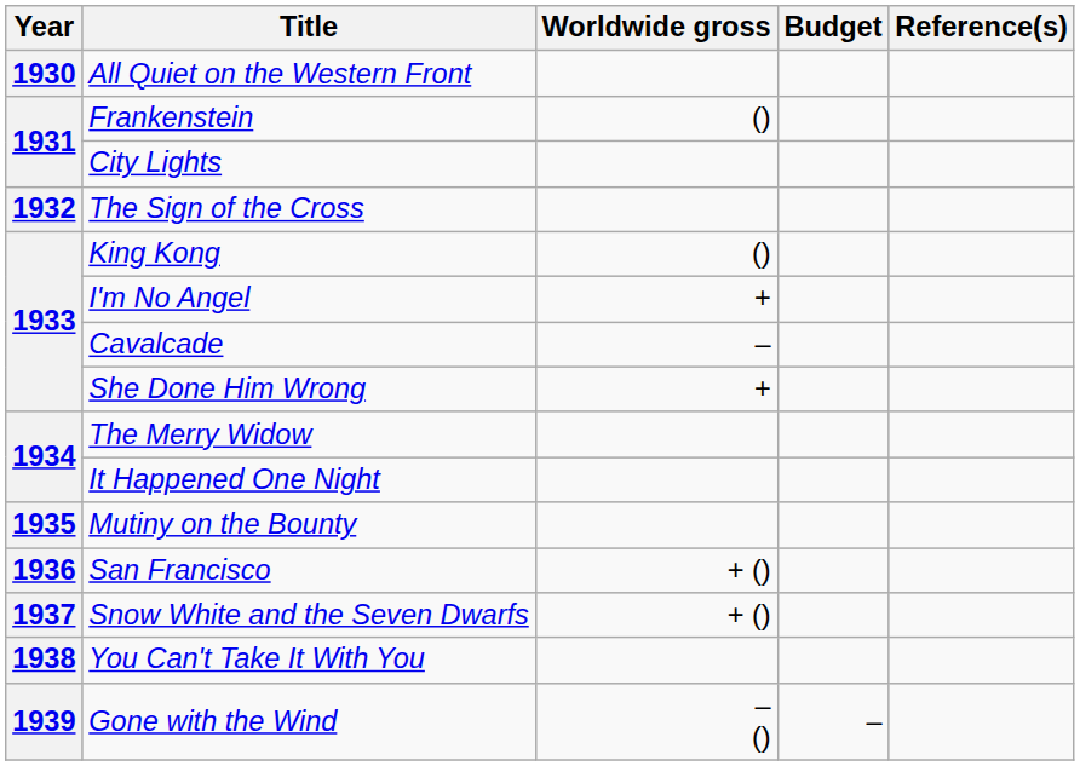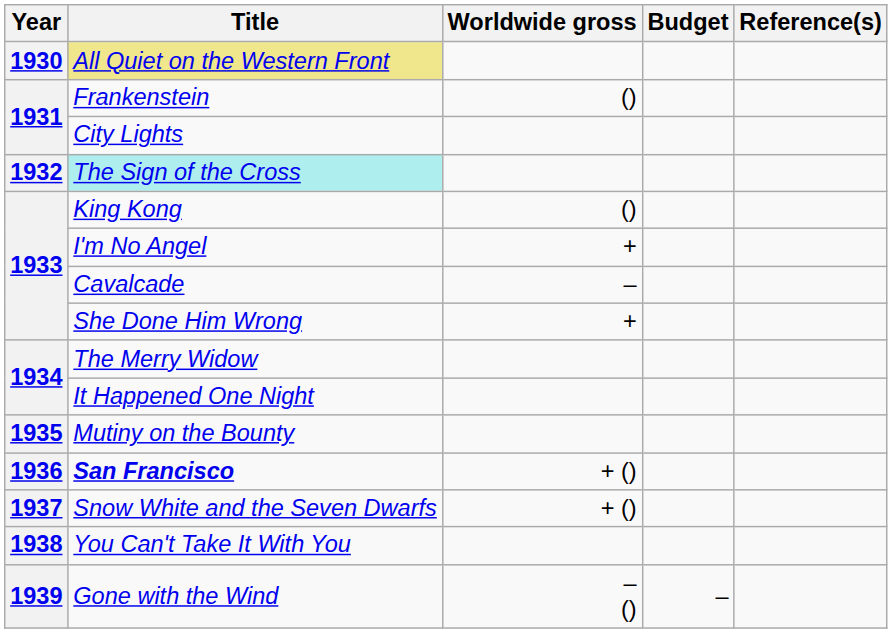 <table class="wikitable plainrowheaders">
 <tr>
 <th scope="col">Year</th>
 <th scope="col">Title</th>
 <th scope="col">Worldwide gross</th>
 <th scope="col">Budget</th>
 <th scope="col">Reference(s)</th>
 </tr>
 <tr>
 <th scope="row"><a href='#'>1930</a></th>
-<td><em><a href='#'>All Quiet on the Western Front</a></em></td>
+<td style="background: khaki;"><em><a href='#'>All Quiet on the Western Front</a></em></td>
 <td align="right"></td>
 <td align="right"></td>
 <td></td>
 </tr>
 <tr>
 <th rowspan="2" scope="row"><a href='#'>1931</a></th>
 <td><em><a href='#'>Frankenstein</a></em></td>
 <td align="right"> ()</td>
 <td align="right"></td>
 <td></td>
 </tr>
 <tr>
 <td><em><a href='#'>City Lights</a></em></td>
 <td align="right"></td>
 <td align="right"></td>
 <td></td>
 </tr>
 <tr>
 <th scope="row"><a href='#'>1932</a></th>
-<td><em><a href='#'>The Sign of the Cross</a></em></td>
+<td style="background: paleturquoise;"><em><a href='#'>The Sign of the Cross</a></em></td>
 <td align="right"></td>
 <td align="right"></td>
 <td></td>
 </tr>
 <tr>
 <th rowspan="4" scope="row"><a href='#'>1933</a></th>
 <td><em><a href='#'>King Kong</a></em></td>
 <td align="right"> ()</td>
 <td align="right"></td>
 <td></td>
 </tr>
 <tr>
 <td><em><a href='#'>I'm No Angel</a></em></td>
 <td align="right">+</td>
 <td align="right"></td>
 <td></td>
 </tr>
 <tr>
 <td><em><a href='#'>Cavalcade</a></em></td>
 <td align="right">–</td>
 <td align="right"></td>
 <td></td>
 </tr>
 <tr>
 <td><em><a href='#'>She Done Him Wrong</a></em></td>
 <td align="right">+</td>
 <td align="right"></td>
 <td></td>
 </tr>
 <tr>
 <th rowspan="2" scope="row"><a href='#'>1934</a></th>
 <td><em><a href='#'>The Merry Widow</a></em></td>
 <td align="right"></td>
 <td align="right"></td>
 <td></td>
 </tr>
 <tr>
 <td><em><a href='#'>It Happened One Night</a></em></td>
 <td align="right"> </td>
 <td align="right"></td>
 <td></td>
 </tr>
 <tr>
 <th scope="row"><a href='#'>1935</a></th>
 <td><em><a href='#'>Mutiny on the Bounty</a></em></td>
 <td align="right"></td>
 <td align="right"></td>
 <td></td>
 </tr>
 <tr>
 <th scope="row"><a href='#'>1936</a></th>
-<td><em><a href='#'>San Francisco</a></em></td>
+<td><strong><em><a href='#'>San Francisco</a></em></strong></td>
 <td align="right">+ ()</td>
 <td align="right"></td>
 <td></td>
 </tr>
 <tr>
 <th scope="row"><a href='#'>1937</a></th>
 <td><em><a href='#'>Snow White and the Seven Dwarfs</a></em></td>
 <td align="right">+ ()</td>
 <td align="right"></td>
 <td></td>
 </tr>
 <tr>
 <th scope="row"><a href='#'>1938</a></th>
 <td><em><a href='#'>You Can't Take It With You</a></em></td>
 <td align="right"></td>
 <td align="right"></td>
 <td></td>
 </tr>
 <tr>
 <th scope="row"><a href='#'>1939</a></th>
 <td><em><a href='#'>Gone with the Wind</a></em></td>
 <td align="right">–<br>() </td>
 <td align="right">–</td>
 <td></td>
 </tr>
 </table>
